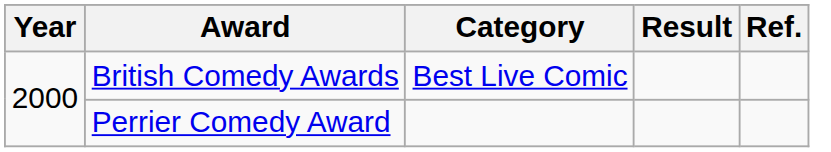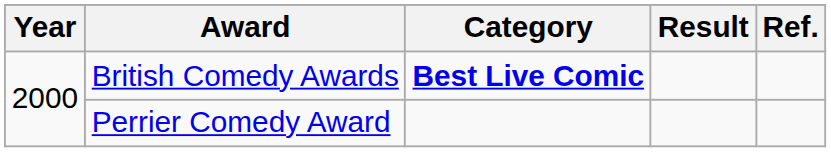 <table class="wikitable sortable">
 <tr>
 <th scope=col>Year</th>
 <th scope=col>Award</th>
 <th scope=col>Category</th>
 <th scope=col>Result</th>
 <th scope=col class=unsortable>Ref.</th>
 </tr>
 <tr>
 <td rowspan=2>2000</td>
 <td><a href='#'>British Comedy Awards</a></td>
-<td><a href='#'>Best Live Comic</a></td>
+<td><strong><a href='#'>Best Live Comic</a></strong></td>
 <td></td>
 <td></td>
 </tr>
 <tr>
 <td><a href='#'>Perrier Comedy Award</a></td>
 <td></td>
 <td></td>
 <td></td>
 </tr>
 </table>
